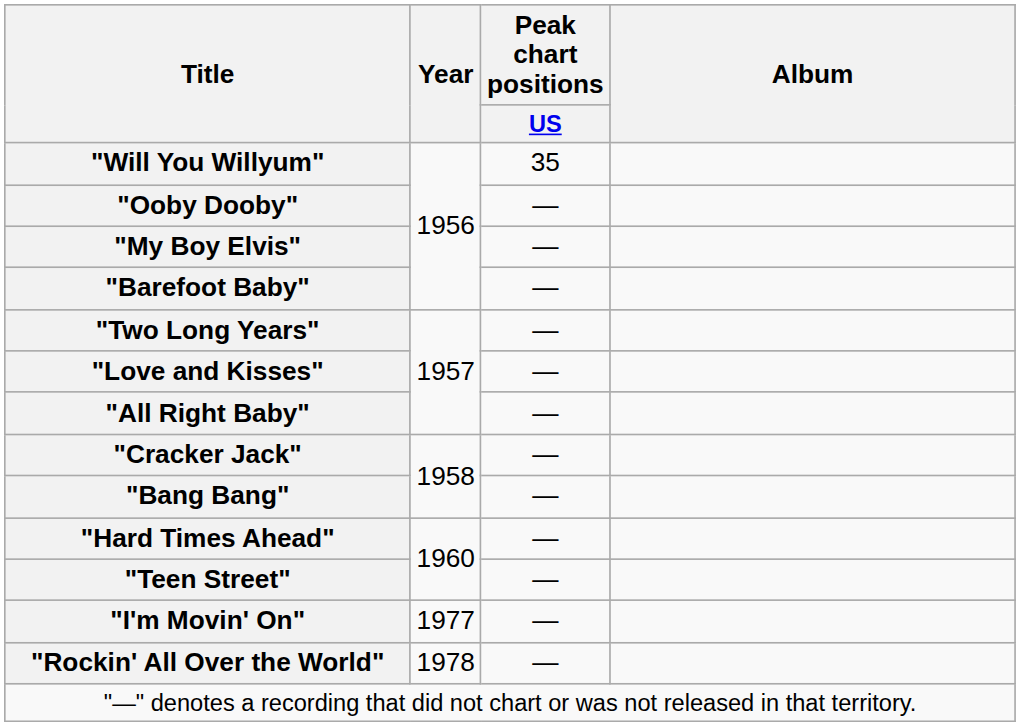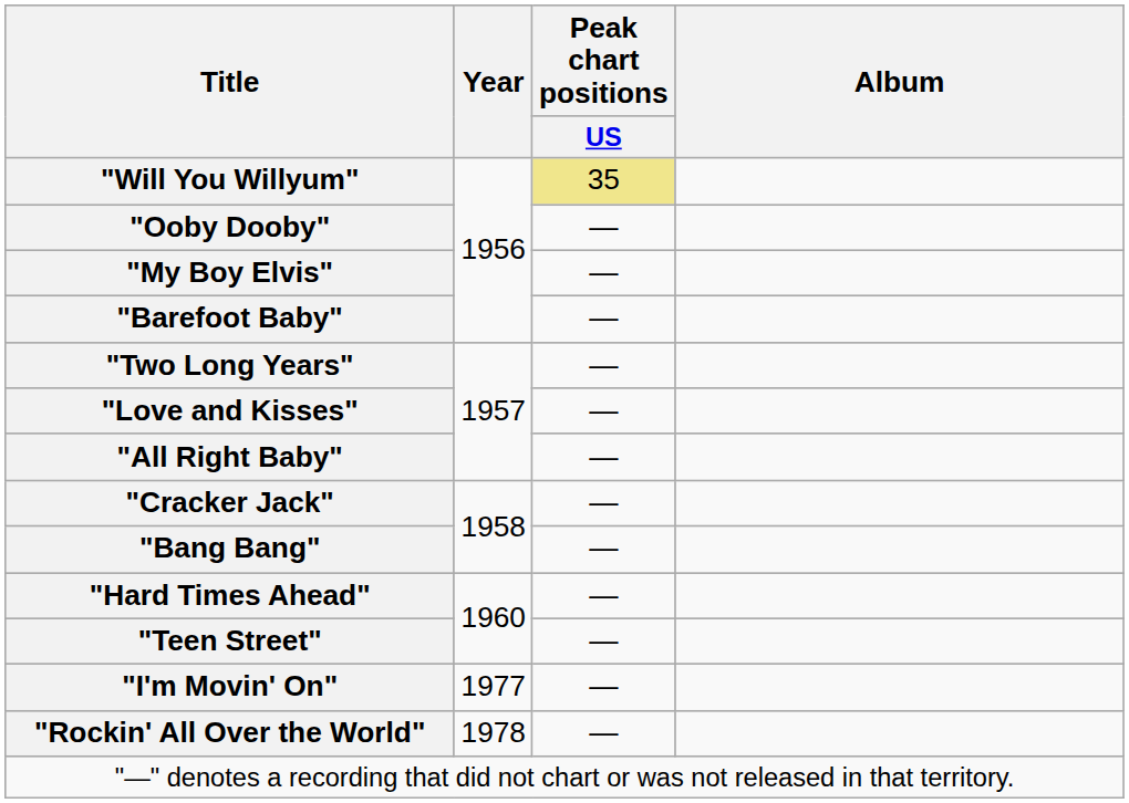 <table class="wikitable plainrowheaders" style="text-align:center;" border="1">
 <tr>
 <th scope="col" rowspan="2" style="width:15em;">Title</th>
 <th scope="col" rowspan="2">Year</th>
 <th scope="col" colspan="1">Peak<br>chart<br>positions</th>
 <th scope="col" rowspan="2" style="width:15em;">Album</th>
 </tr>
 <tr>
 <th scope="col" style="width:3.5em;font-size:90%;"><a href='#'>US</a><br></th>
 </tr>
 <tr>
 <th scope="row">"Will You Willyum"</th>
 <td rowspan="4">1956</td>
-<td>35</td>
+<td style="background: khaki;">35</td>
 <td></td>
 </tr>
 <tr>
 <th scope="row">"Ooby Dooby"</th>
 <td>—</td>
 <td></td>
 </tr>
 <tr>
 <th scope="row">"My Boy Elvis"</th>
 <td>—</td>
 <td></td>
 </tr>
 <tr>
 <th scope="row">"Barefoot Baby"</th>
 <td>—</td>
 <td></td>
 </tr>
 <tr>
 <th scope="row">"Two Long Years"</th>
 <td rowspan="3">1957</td>
 <td>—</td>
 <td></td>
 </tr>
 <tr>
 <th scope="row">"Love and Kisses"</th>
 <td>—</td>
 <td></td>
 </tr>
 <tr>
 <th scope="row">"All Right Baby"</th>
 <td>—</td>
 <td></td>
 </tr>
 <tr>
 <th scope="row">"Cracker Jack"</th>
 <td rowspan="2">1958</td>
 <td>—</td>
 <td></td>
 </tr>
 <tr>
 <th scope="row">"Bang Bang"</th>
 <td>—</td>
 <td></td>
 </tr>
 <tr>
 <th scope="row">"Hard Times Ahead"</th>
 <td rowspan="2">1960</td>
 <td>—</td>
 <td></td>
 </tr>
 <tr>
 <th scope="row">"Teen Street"</th>
 <td>—</td>
 <td></td>
 </tr>
 <tr>
 <th scope="row">"I'm Movin' On"</th>
 <td>1977</td>
 <td>—</td>
 <td></td>
 </tr>
 <tr>
 <th scope="row">"Rockin' All Over the World"</th>
 <td>1978</td>
 <td>—</td>
 <td></td>
 </tr>
 <tr>
 <td colspan="4" style="font-size:90%">"—" denotes a recording that did not chart or was not released in that territory.</td>
 </tr>
 <tr>
 </tr>
 </table>
